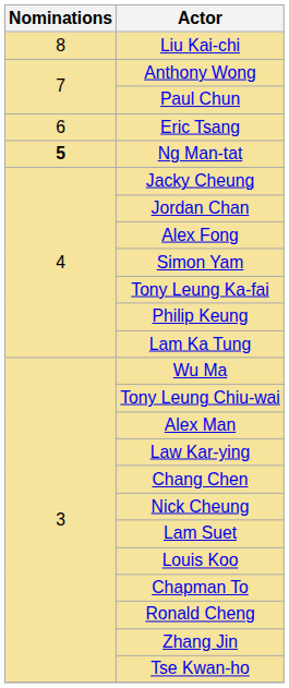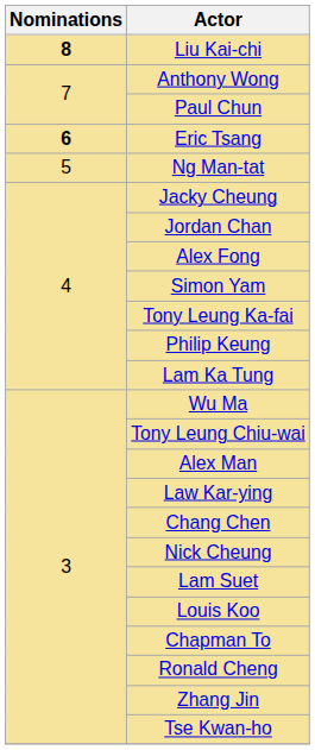 <table class="wikitable" rowspan=2 style="text-align: center; background: #f6e39c">
 <tr>
 <th scope="col" width="56">Nominations</th>
 <th scope="col" align="center">Actor</th>
 </tr>
 <tr>
-<td rowspan="1" style="text-align:center;">8</td>
+<td rowspan="1" style="text-align:center;"><strong>8</strong></td>
 <td><a href='#'>Liu Kai-chi</a></td>
 </tr>
 <tr>
 <td rowspan="2" style="text-align:center;">7</td>
 <td><a href='#'>Anthony Wong</a></td>
 </tr>
 <tr>
 <td><a href='#'>Paul Chun</a></td>
 </tr>
 <tr>
-<td rowspan="1" style="text-align:center;">6</td>
+<td rowspan="1" style="text-align:center;"><strong>6</strong></td>
 <td><a href='#'>Eric Tsang</a></td>
 </tr>
 <tr>
-<td rowspan="1" style="text-align:center;"><strong>5</strong></td>
+<td rowspan="1" style="text-align:center;">5</td>
 <td><a href='#'>Ng Man-tat</a></td>
 </tr>
 <tr>
 <td rowspan="7" style="text-align:center;">4</td>
 <td><a href='#'>Jacky Cheung</a></td>
 </tr>
 <tr>
 <td><a href='#'>Jordan Chan</a></td>
 </tr>
 <tr>
 <td><a href='#'>Alex Fong</a></td>
 </tr>
 <tr>
 <td><a href='#'>Simon Yam</a></td>
 </tr>
 <tr>
 <td><a href='#'>Tony Leung Ka-fai</a></td>
 </tr>
 <tr>
 <td><a href='#'>Philip Keung</a></td>
 </tr>
 <tr>
 <td><a href='#'>Lam Ka Tung</a></td>
 </tr>
 <tr>
 <td rowspan="12" style="text-align:center;">3</td>
 <td><a href='#'>Wu Ma</a></td>
 </tr>
 <tr>
 <td><a href='#'>Tony Leung Chiu-wai</a></td>
 </tr>
 <tr>
 <td><a href='#'>Alex Man</a></td>
 </tr>
 <tr>
 <td><a href='#'>Law Kar-ying</a></td>
 </tr>
 <tr>
 <td><a href='#'>Chang Chen</a></td>
 </tr>
 <tr>
 <td><a href='#'>Nick Cheung</a></td>
 </tr>
 <tr>
 <td><a href='#'>Lam Suet</a></td>
 </tr>
 <tr>
 <td><a href='#'>Louis Koo</a></td>
 </tr>
 <tr>
 <td><a href='#'>Chapman To</a></td>
 </tr>
 <tr>
 <td><a href='#'>Ronald Cheng</a></td>
 </tr>
 <tr>
 <td><a href='#'>Zhang Jin</a></td>
 </tr>
 <tr>
 <td><a href='#'>Tse Kwan-ho</a></td>
 </tr>
 <tr>
 </tr>
 </table>
